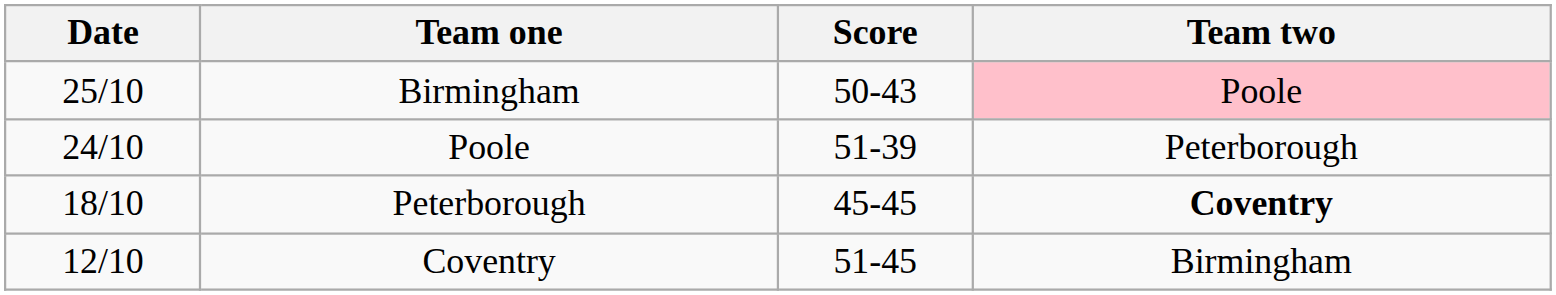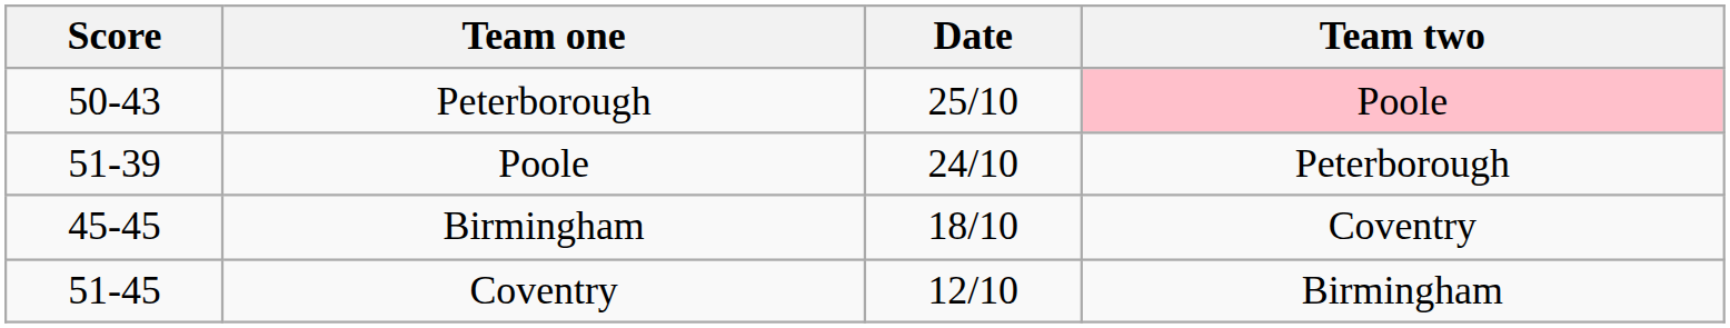 <table class="wikitable" style="text-align: center">
 <tr>
+<th width=80>Score</th>
+<th width=250>Team one</th>
 <th width=80>Date</th>
-<th width=250>Team one</th>
-<th width=80>Score</th>
 <th width=250>Team two</th>
 </tr>
 <tr>
+<td>50-43</td>
+<td>Peterborough</td>
 <td>25/10</td>
-<td>Birmingham</td>
-<td>50-43</td>
 <td style="background: pink;">Poole</td>
 </tr>
 <tr>
+<td>51-39</td>
+<td>Poole</td>
 <td>24/10</td>
-<td>Poole</td>
-<td>51-39</td>
 <td>Peterborough</td>
 </tr>
 <tr>
+<td>45-45</td>
+<td>Birmingham</td>
 <td>18/10</td>
-<td>Peterborough</td>
-<td>45-45</td>
-<td><strong>Coventry</strong></td>
+<td>Coventry</td>
 </tr>
 <tr>
+<td>51-45</td>
+<td>Coventry</td>
 <td>12/10</td>
-<td>Coventry</td>
-<td>51-45</td>
 <td>Birmingham</td>
 </tr>
 </table>
